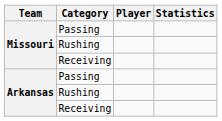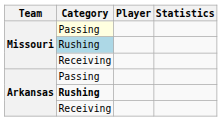 <table class="wikitable" style="float:right">
 <tr>
 <th>Team</th>
 <th>Category</th>
 <th>Player</th>
 <th>Statistics</th>
 </tr>
 <tr>
 <th rowspan=3>Missouri</th>
-<td>Passing</td>
+<td style="background: lightyellow;">Passing</td>
 <td></td>
 <td></td>
 </tr>
 <tr>
-<td>Rushing</td>
+<td style="background: lightblue;">Rushing</td>
 <td></td>
 <td></td>
 </tr>
 <tr>
 <td>Receiving</td>
 <td></td>
 <td></td>
 </tr>
 <tr>
 <th rowspan=3>Arkansas</th>
 <td>Passing</td>
 <td></td>
 <td></td>
 </tr>
 <tr>
-<td>Rushing</td>
+<td><strong>Rushing</strong></td>
 <td></td>
 <td></td>
 </tr>
 <tr>
 <td>Receiving</td>
 <td></td>
 <td></td>
 </tr>
 </table>
